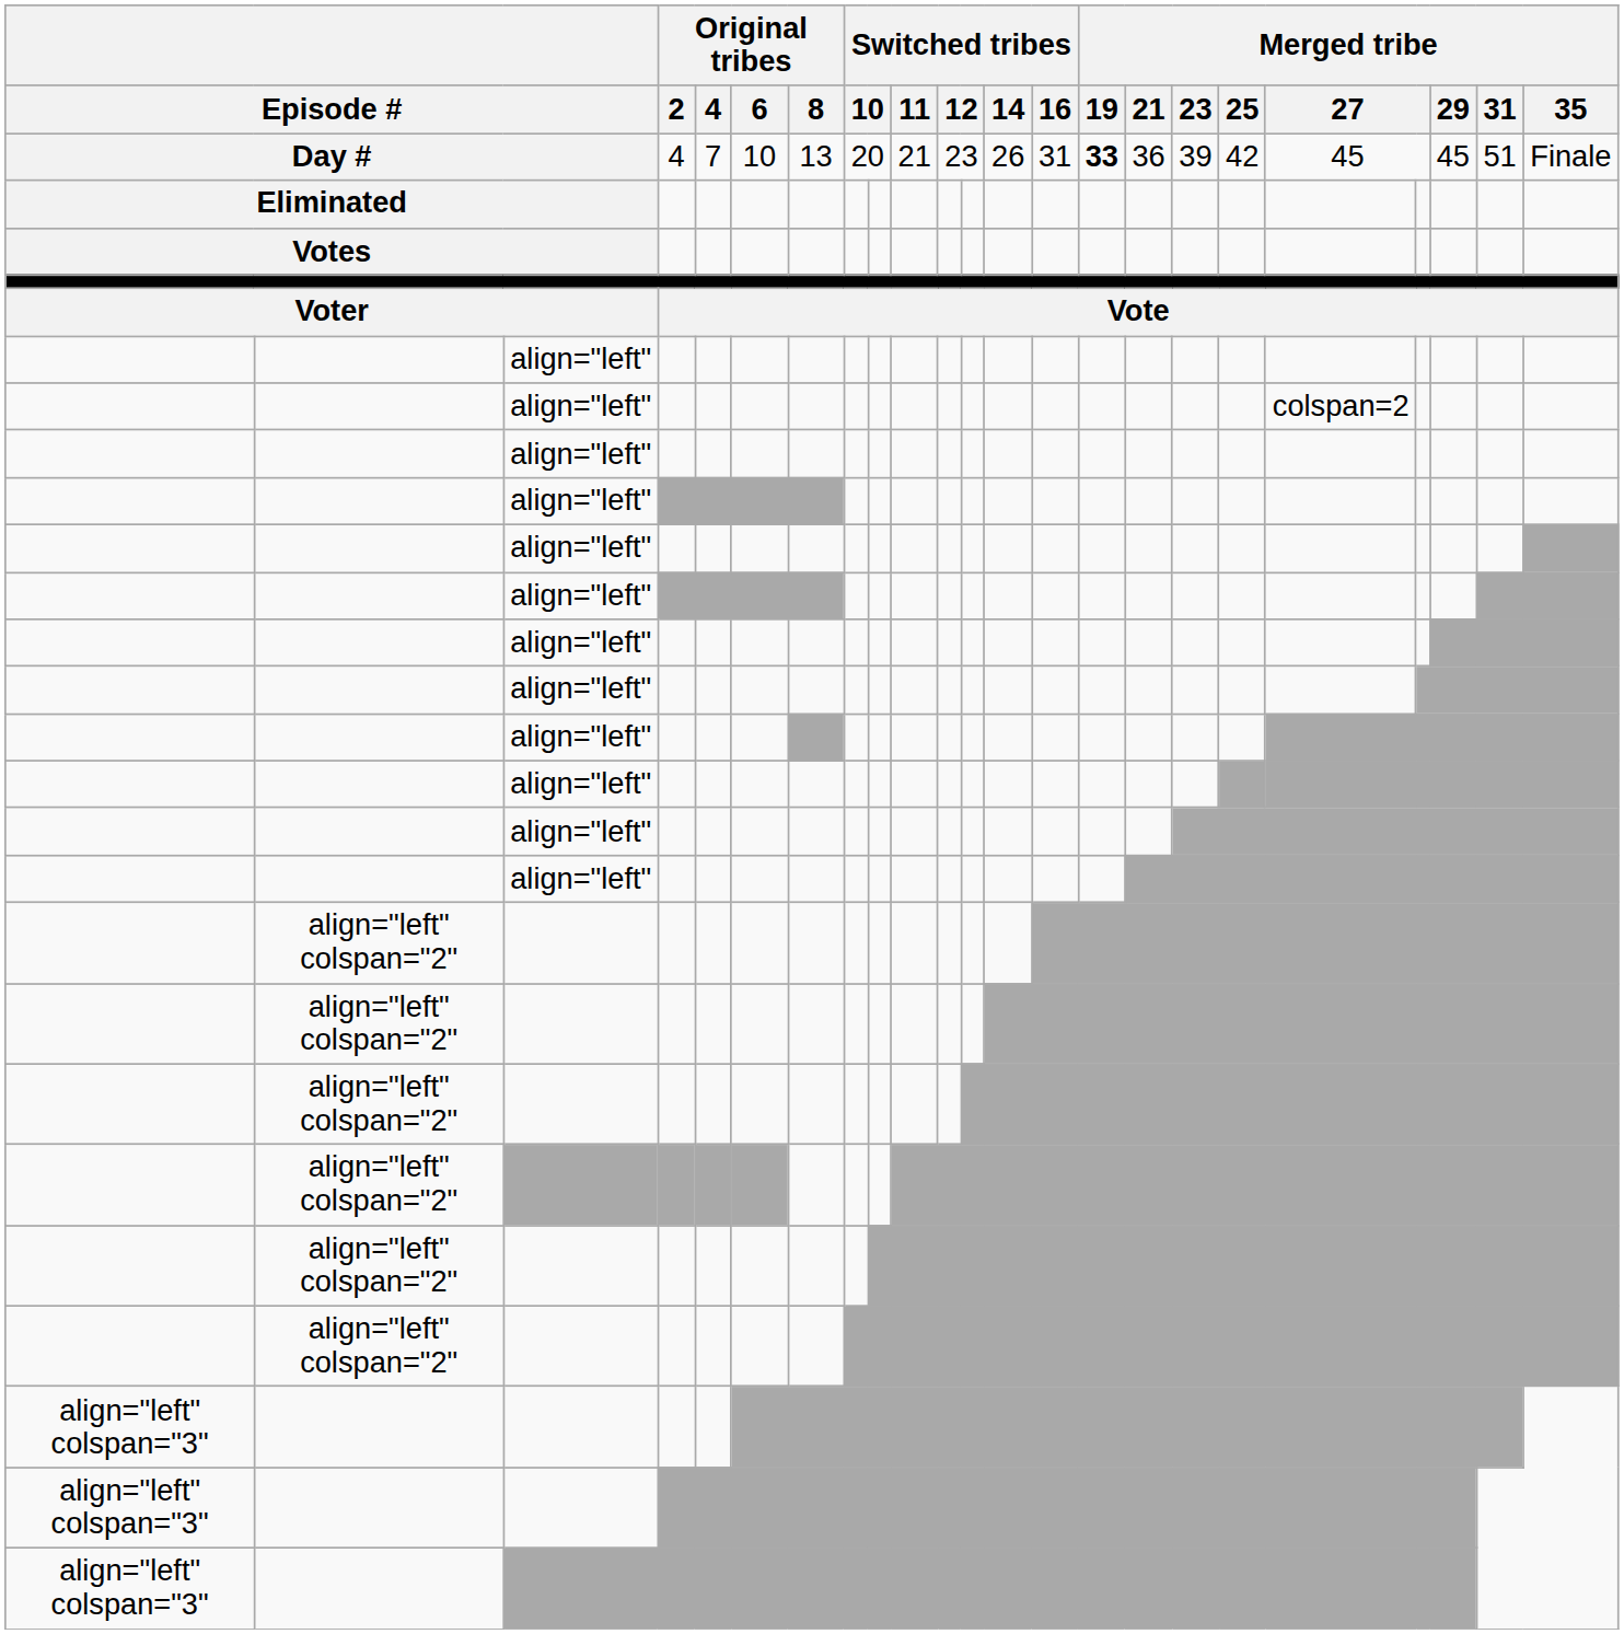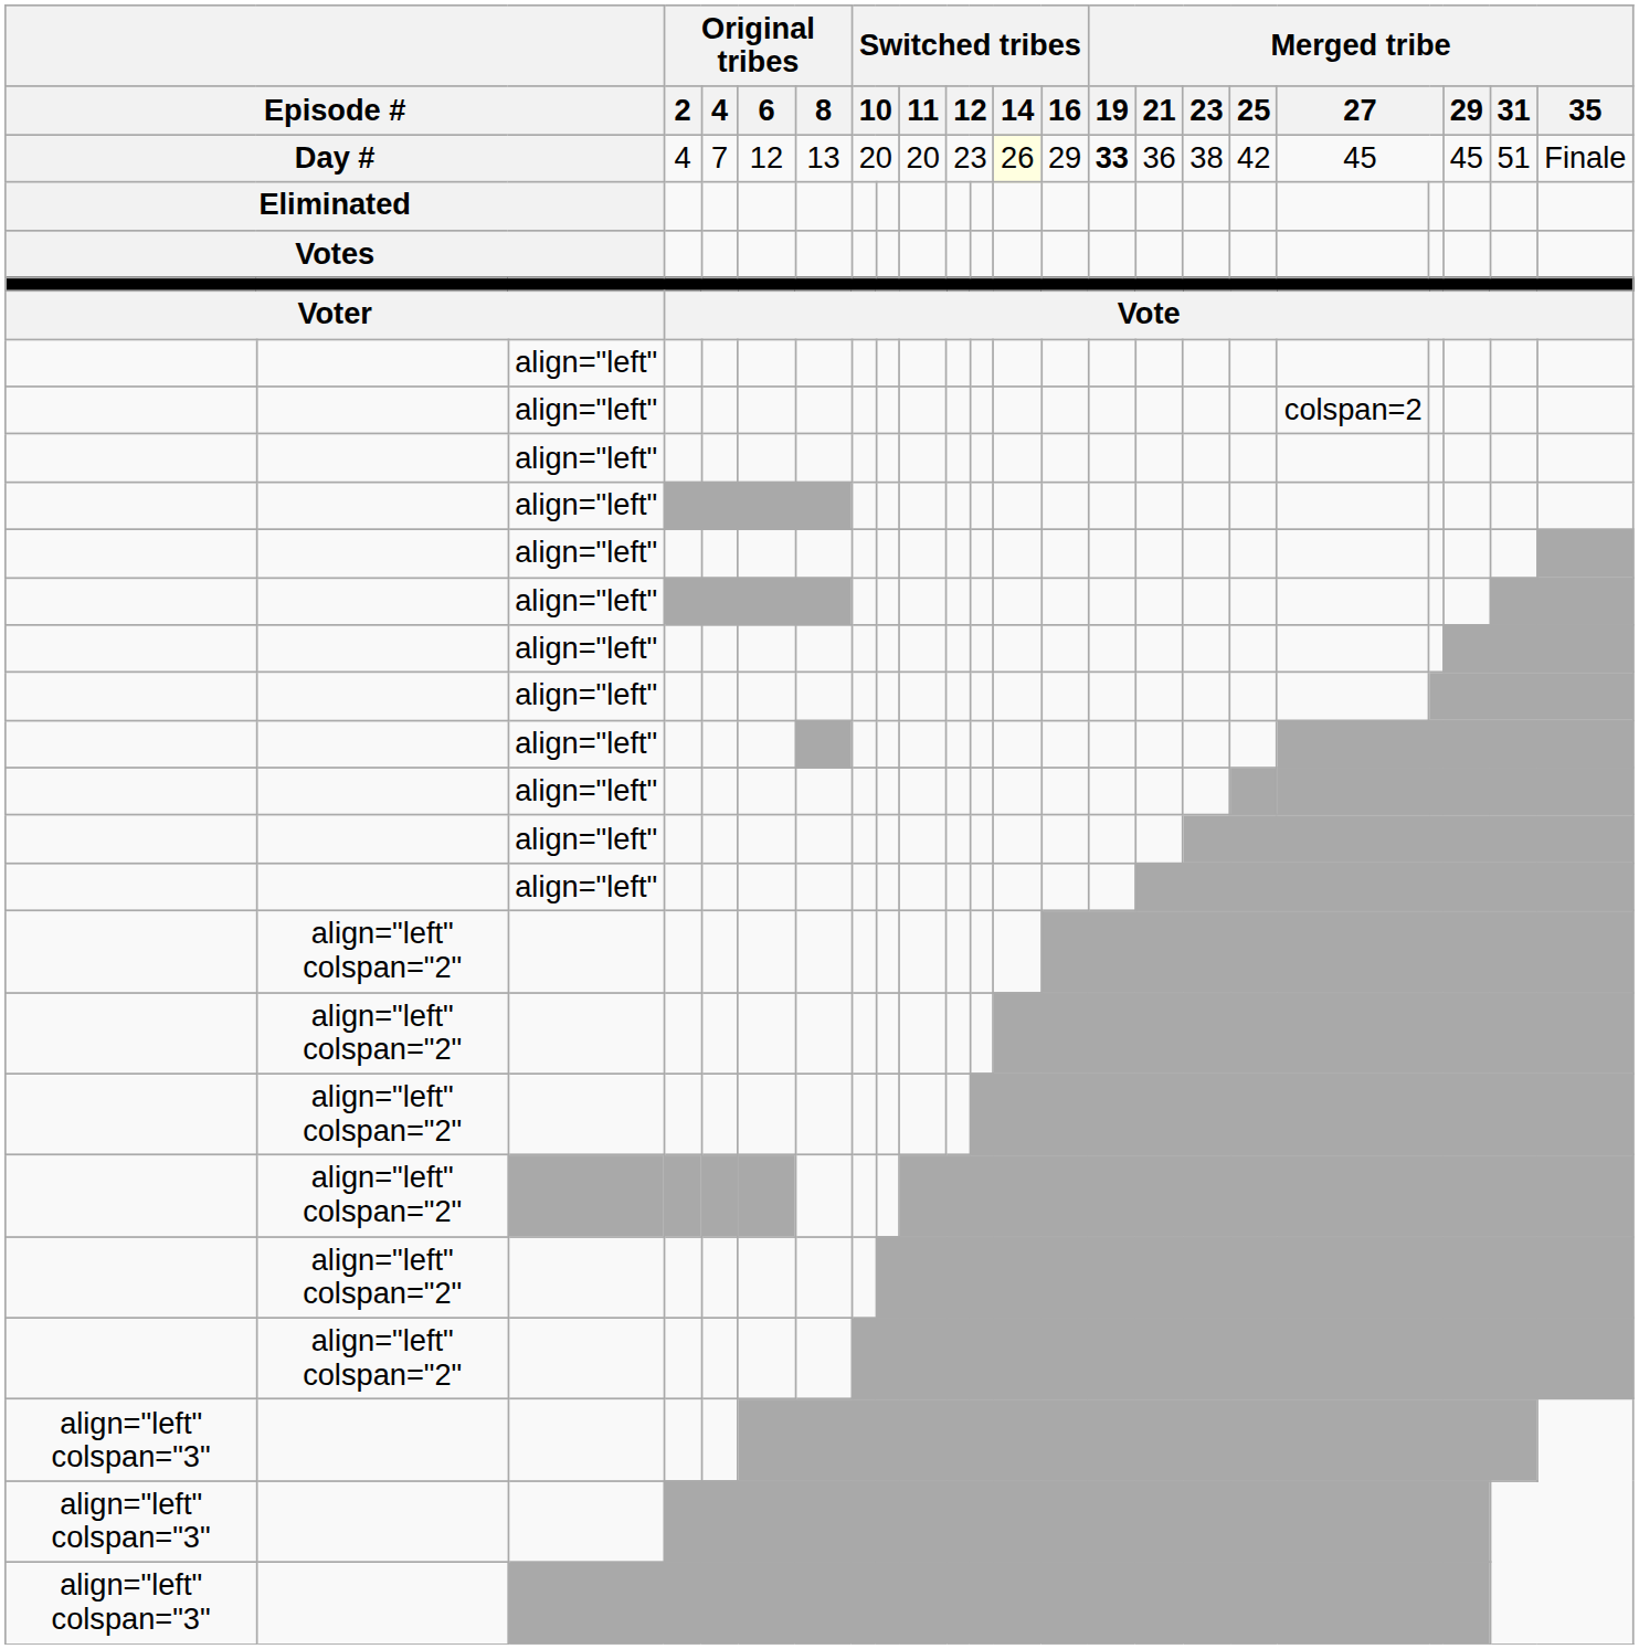 <table class="wikitable nowrap" style="text-align:center">
 <tr>
 <th colspan="3"></th>
 <th colspan="4">Original tribes</th>
 <th colspan="7">Switched tribes</th>
 <th colspan="9">Merged tribe</th>
 </tr>
 <tr>
 <th colspan="3">Episode #</th>
 <th>2</th>
 <th>4</th>
 <th>6</th>
 <th>8</th>
 <th colspan="2">10</th>
 <th>11</th>
 <th colspan="2">12</th>
 <th>14</th>
 <th>16</th>
 <th>19</th>
 <th>21</th>
 <th>23</th>
 <th>25</th>
 <th colspan="2">27</th>
 <th>29</th>
 <th>31</th>
 <th>35</th>
 </tr>
 <tr>
 <th colspan="3">Day #</th>
 <td>4</td>
 <td>7</td>
-<td>10</td>
+<td>12</td>
 <td>13</td>
 <td colspan=2>20</td>
-<td>21</td>
+<td>20</td>
 <td colspan="2">23</td>
-<td>26</td>
-<td>31</td>
+<td style="background: lightyellow;">26</td>
+<td>29</td>
 <td><strong>33</strong></td>
 <td>36</td>
-<td>39</td>
+<td>38</td>
 <td>42</td>
 <td colspan=2>45</td>
 <td>45</td>
 <td>51</td>
 <td>Finale</td>
 </tr>
 <tr>
 <th colspan="3">Eliminated</th>
 <td></td>
 <td></td>
 <td></td>
 <td></td>
 <td></td>
 <td></td>
 <td></td>
 <td></td>
 <td></td>
 <td></td>
 <td></td>
 <td></td>
 <td></td>
 <td></td>
 <td></td>
 <td></td>
 <td></td>
 <td></td>
 <td></td>
 <td></td>
 </tr>
 <tr>
 <th colspan="3">Votes</th>
 <td></td>
 <td></td>
 <td></td>
 <td></td>
 <td></td>
 <td></td>
 <td></td>
 <td></td>
 <td></td>
 <td></td>
 <td></td>
 <td></td>
 <td></td>
 <td></td>
 <td></td>
 <td></td>
 <td></td>
 <td></td>
 <td></td>
 <td></td>
 </tr>
 <tr>
 <td bgcolor=black colspan=24></td>
 </tr>
 <tr>
 <th colspan="3">Voter</th>
 <th colspan=20>Vote</th>
 </tr>
 <tr>
 <td></td>
 <td></td>
 <td>align="left" </td>
 <td></td>
 <td></td>
 <td></td>
 <td></td>
 <td></td>
 <td></td>
 <td></td>
 <td></td>
 <td></td>
 <td></td>
 <td></td>
 <td></td>
 <td></td>
 <td></td>
 <td></td>
 <td></td>
 <td></td>
 <td></td>
 <td></td>
 <td></td>
 </tr>
 <tr>
 <td></td>
 <td></td>
 <td>align="left" </td>
 <td></td>
 <td></td>
 <td></td>
 <td></td>
 <td></td>
 <td></td>
 <td></td>
 <td></td>
 <td></td>
 <td></td>
 <td></td>
 <td></td>
 <td></td>
 <td></td>
 <td></td>
 <td>colspan=2 </td>
 <td></td>
 <td></td>
 <td></td>
 </tr>
 <tr>
 <td></td>
 <td></td>
 <td>align="left" </td>
 <td></td>
 <td></td>
 <td></td>
 <td></td>
 <td></td>
 <td></td>
 <td></td>
 <td></td>
 <td></td>
 <td></td>
 <td></td>
 <td></td>
 <td></td>
 <td></td>
 <td></td>
 <td></td>
 <td></td>
 <td></td>
 <td></td>
 <td></td>
 </tr>
 <tr>
 <td></td>
 <td></td>
 <td>align="left" </td>
 <td bgcolor="darkgray" colspan="4"></td>
 <td></td>
 <td></td>
 <td></td>
 <td></td>
 <td></td>
 <td></td>
 <td></td>
 <td></td>
 <td></td>
 <td></td>
 <td></td>
 <td></td>
 <td></td>
 <td></td>
 <td></td>
 <td></td>
 </tr>
 <tr>
 <td></td>
 <td></td>
 <td>align="left" </td>
 <td></td>
 <td></td>
 <td></td>
 <td></td>
 <td></td>
 <td></td>
 <td></td>
 <td></td>
 <td></td>
 <td></td>
 <td></td>
 <td></td>
 <td></td>
 <td></td>
 <td></td>
 <td></td>
 <td></td>
 <td></td>
 <td></td>
 <td bgcolor="darkgray"></td>
 </tr>
 <tr>
 <td></td>
 <td></td>
 <td>align="left" </td>
 <td bgcolor="darkgray" colspan="4"></td>
 <td></td>
 <td></td>
 <td></td>
 <td></td>
 <td></td>
 <td></td>
 <td></td>
 <td></td>
 <td></td>
 <td></td>
 <td></td>
 <td></td>
 <td></td>
 <td></td>
 <td bgcolor="darkgray" colspan=2></td>
 </tr>
 <tr>
 <td></td>
 <td></td>
 <td>align="left" </td>
 <td></td>
 <td></td>
 <td></td>
 <td></td>
 <td></td>
 <td></td>
 <td></td>
 <td></td>
 <td></td>
 <td></td>
 <td></td>
 <td></td>
 <td></td>
 <td></td>
 <td></td>
 <td></td>
 <td></td>
 <td bgcolor="darkgray" colspan=4></td>
 </tr>
 <tr>
 <td></td>
 <td></td>
 <td>align="left" </td>
 <td></td>
 <td></td>
 <td></td>
 <td></td>
 <td></td>
 <td></td>
 <td></td>
 <td></td>
 <td></td>
 <td></td>
 <td></td>
 <td></td>
 <td></td>
 <td></td>
 <td></td>
 <td></td>
 <td bgcolor="darkgray" colspan=5></td>
 </tr>
 <tr>
 <td></td>
 <td></td>
 <td>align="left" </td>
 <td></td>
 <td></td>
 <td></td>
 <td bgcolor="darkgray"></td>
 <td></td>
 <td></td>
 <td></td>
 <td></td>
 <td></td>
 <td></td>
 <td></td>
 <td></td>
 <td></td>
 <td></td>
 <td></td>
 <td bgcolor="darkgray" colspan=6></td>
 </tr>
 <tr>
 <td></td>
 <td></td>
 <td>align="left" </td>
 <td></td>
 <td></td>
 <td></td>
 <td></td>
 <td></td>
 <td></td>
 <td></td>
 <td></td>
 <td></td>
 <td></td>
 <td></td>
 <td></td>
 <td></td>
 <td></td>
 <td bgcolor="darkgray"></td>
 <td bgcolor="darkgray" colspan=7></td>
 </tr>
 <tr>
 <td></td>
 <td></td>
 <td>align="left" </td>
 <td></td>
 <td></td>
 <td></td>
 <td></td>
 <td></td>
 <td></td>
 <td></td>
 <td></td>
 <td></td>
 <td></td>
 <td></td>
 <td></td>
 <td></td>
 <td bgcolor="darkgray" colspan=8></td>
 </tr>
 <tr>
 <td></td>
 <td></td>
 <td>align="left" </td>
 <td></td>
 <td></td>
 <td></td>
 <td></td>
 <td></td>
 <td></td>
 <td></td>
 <td></td>
 <td></td>
 <td></td>
 <td></td>
 <td></td>
 <td bgcolor="darkgray" colspan=9></td>
 </tr>
 <tr>
 <td></td>
 <td>align="left" colspan="2" </td>
 <td></td>
 <td></td>
 <td></td>
 <td></td>
 <td></td>
 <td></td>
 <td></td>
 <td></td>
 <td></td>
 <td></td>
 <td></td>
 <td bgcolor="darkgray" colspan=10></td>
 </tr>
 <tr>
 <td></td>
 <td>align="left" colspan="2"</td>
 <td></td>
 <td></td>
 <td></td>
 <td></td>
 <td></td>
 <td></td>
 <td></td>
 <td></td>
 <td></td>
 <td></td>
 <td bgcolor="darkgray" colspan=11></td>
 </tr>
 <tr>
 <td></td>
 <td>align="left" colspan="2" </td>
 <td></td>
 <td></td>
 <td></td>
 <td></td>
 <td></td>
 <td></td>
 <td></td>
 <td></td>
 <td></td>
 <td bgcolor="darkgray" colspan=12></td>
 </tr>
 <tr>
 <td></td>
 <td>align="left" colspan="2" </td>
 <td bgcolor="darkgray"></td>
 <td bgcolor="darkgray"></td>
 <td bgcolor="darkgray"></td>
 <td bgcolor="darkgray"></td>
 <td></td>
 <td></td>
 <td></td>
 <td bgcolor="darkgray" colspan=14></td>
 </tr>
 <tr>
 <td></td>
 <td>align="left" colspan="2" </td>
 <td></td>
 <td></td>
 <td></td>
 <td></td>
 <td></td>
 <td></td>
 <td bgcolor="darkgray" colspan=15></td>
 </tr>
 <tr>
 <td></td>
 <td>align="left" colspan="2" </td>
 <td></td>
 <td></td>
 <td></td>
 <td></td>
 <td></td>
 <td bgcolor="darkgray" colspan=16></td>
 </tr>
 <tr>
 <td>align="left" colspan="3" </td>
 <td></td>
 <td></td>
 <td></td>
 <td></td>
 <td bgcolor="darkgray" colspan=17></td>
 </tr>
 <tr>
 <td>align="left" colspan="3" </td>
 <td></td>
 <td></td>
 <td bgcolor="darkgray" colspan=18></td>
 </tr>
 <tr>
 <td>align="left" colspan="3" </td>
 <td></td>
 <td bgcolor="darkgray" colspan=19></td>
 </tr>
 </table>
